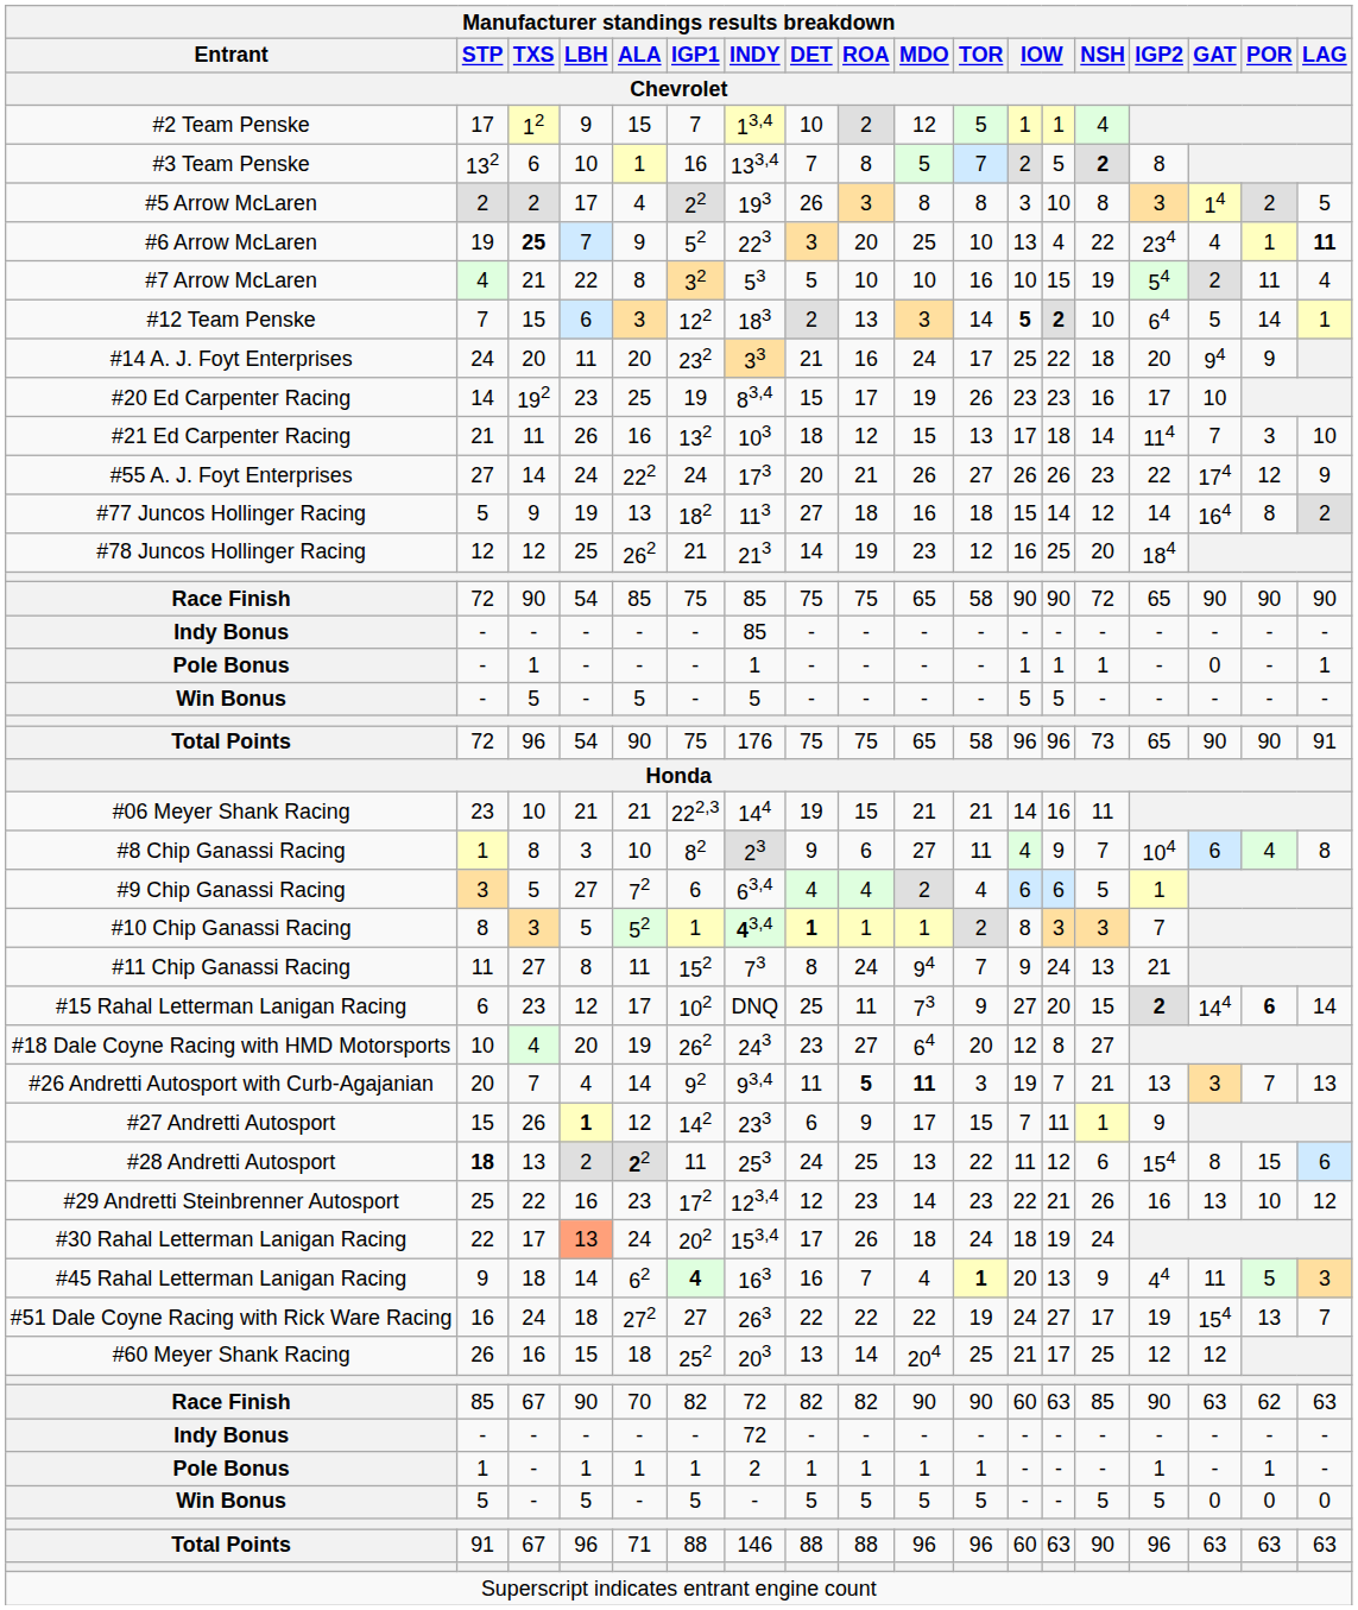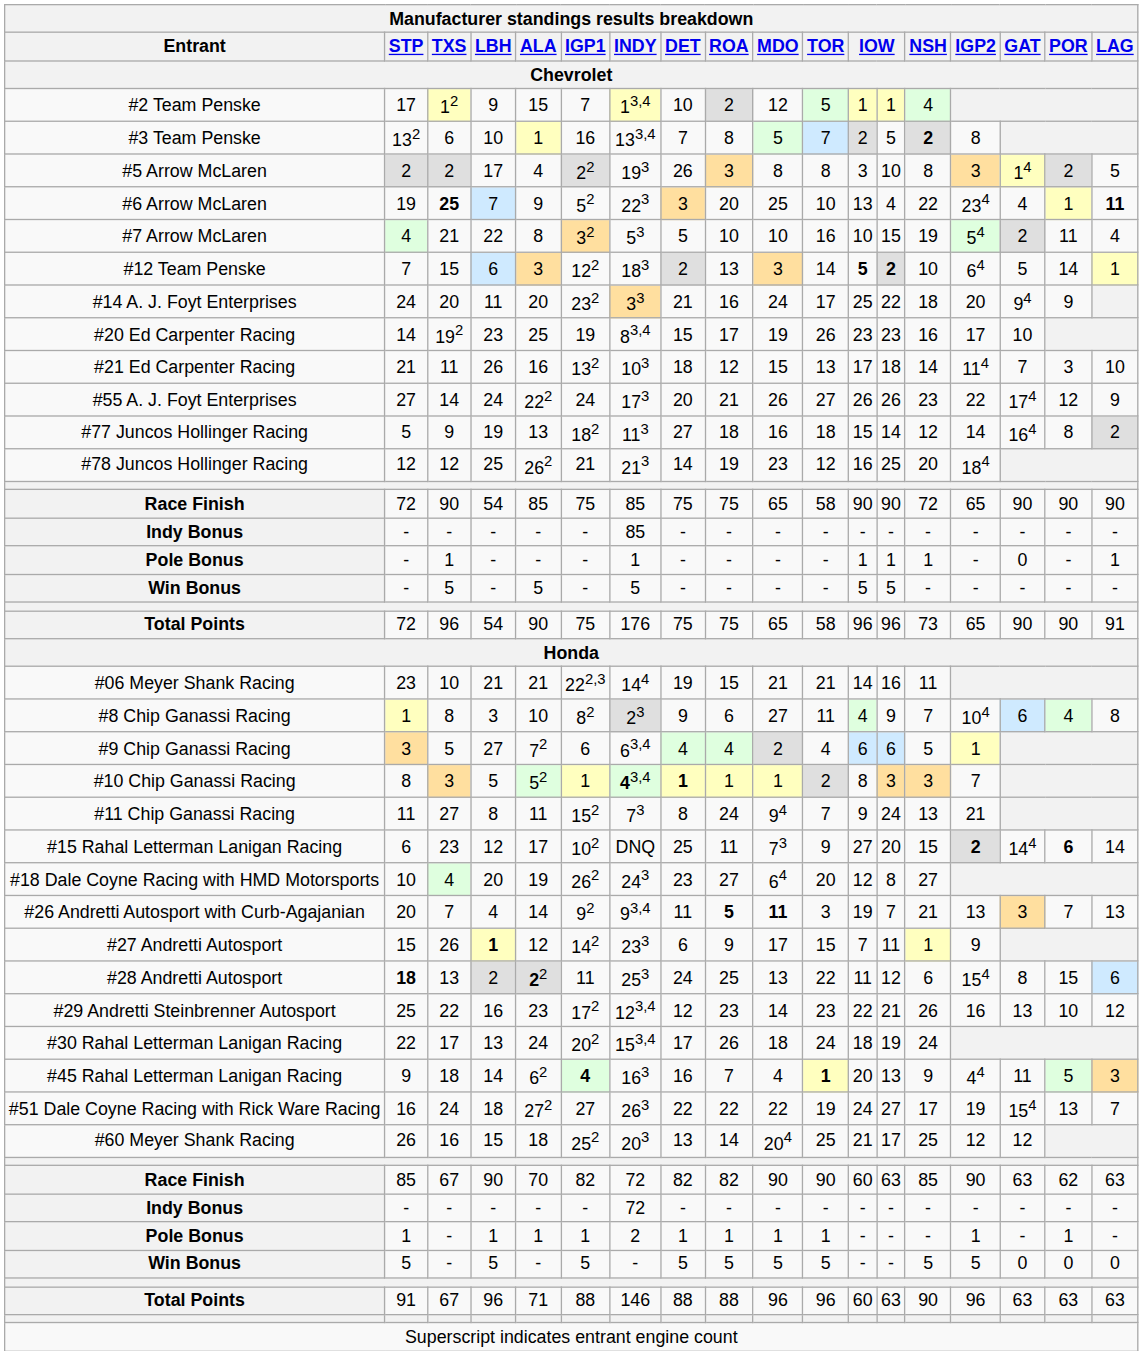 <table class="wikitable mw-collapsible mw-collapsed" style="font-size: 85%; text-align:center">
 <tr>
 <th colspan="18" class="nowrap">Manufacturer standings results breakdown</th>
 </tr>
 <tr>
 <th>Entrant</th>
 <th><a href='#'>STP</a></th>
 <th><a href='#'>TXS</a></th>
 <th><a href='#'>LBH</a></th>
 <th><a href='#'>ALA</a></th>
 <th><a href='#'>IGP1</a></th>
 <th><a href='#'>INDY</a></th>
 <th><a href='#'>DET</a></th>
 <th><a href='#'>ROA</a></th>
 <th><a href='#'>MDO</a></th>
 <th><a href='#'>TOR</a></th>
 <th colspan="2"><a href='#'>IOW</a></th>
 <th><a href='#'>NSH</a></th>
 <th><a href='#'>IGP2</a></th>
 <th><a href='#'>GAT</a></th>
 <th><a href='#'>POR</a></th>
 <th><a href='#'>LAG</a></th>
 </tr>
 <tr>
 <th colspan="18">Chevrolet</th>
 </tr>
 <tr>
 <td>#2 Team Penske</td>
 <td>17</td>
 <td style="background:#FFFFBF;">1<sup>2</sup></td>
 <td>9</td>
 <td>15</td>
 <td>7</td>
 <td style="background:#FFFFBF;">1<sup>3,4</sup></td>
 <td>10</td>
 <td style="background:#DFDFDF;">2</td>
 <td>12</td>
 <td style="background:#DFFFDF;">5</td>
 <td style="background:#FFFFBF;">1</td>
 <td style="background:#FFFFBF;">1</td>
 <td style="background:#DFFFDF;">4</td>
 <th colspan=4></th>
 </tr>
 <tr>
 <td>#3 Team Penske</td>
 <td>13<sup>2</sup></td>
 <td>6</td>
 <td>10</td>
 <td style="background:#FFFFBF;">1</td>
 <td>16</td>
 <td>13<sup>3,4</sup></td>
 <td>7</td>
 <td>8</td>
 <td style="background:#DFFFDF;">5</td>
 <td style="background:#CFEAFF;">7</td>
 <td style="background:#DFDFDF;">2</td>
 <td>5</td>
 <td style="background:#DFDFDF;"><strong>2</strong></td>
 <td>8</td>
 <th colspan=3></th>
 </tr>
 <tr>
 <td>#5 Arrow McLaren</td>
 <td style="background:#DFDFDF;">2</td>
 <td style="background:#DFDFDF;">2</td>
 <td>17</td>
 <td>4</td>
 <td style="background:#DFDFDF;">2<sup>2</sup></td>
 <td>19<sup>3</sup></td>
 <td>26</td>
 <td style="background:#FFDF9F;">3</td>
 <td>8</td>
 <td>8</td>
 <td>3</td>
 <td>10</td>
 <td>8</td>
 <td style="background:#FFDF9F;">3</td>
 <td style="background:#FFFFBF;">1<sup>4</sup></td>
 <td style="background:#DFDFDF;">2</td>
 <td>5</td>
 </tr>
 <tr>
 <td>#6 Arrow McLaren</td>
 <td>19</td>
 <td><strong>25</strong></td>
 <td style="background:#CFEAFF;">7</td>
 <td>9</td>
 <td>5<sup>2</sup></td>
 <td>22<sup>3</sup></td>
 <td style="background:#FFDF9F;">3</td>
 <td>20</td>
 <td>25</td>
 <td>10</td>
 <td>13</td>
 <td>4</td>
 <td>22</td>
 <td>23<sup>4</sup></td>
 <td>4</td>
 <td style="background:#FFFFBF;">1</td>
 <td><strong>11</strong></td>
 </tr>
 <tr>
 <td>#7 Arrow McLaren</td>
 <td style="background:#DFFFDF;">4</td>
 <td>21</td>
 <td>22</td>
 <td>8</td>
 <td style="background:#FFDF9F;">3<sup>2</sup></td>
 <td>5<sup>3</sup></td>
 <td>5</td>
 <td>10</td>
 <td>10</td>
 <td>16</td>
 <td>10</td>
 <td>15</td>
 <td>19</td>
 <td style="background:#DFFFDF;">5<sup>4</sup></td>
 <td style="background:#DFDFDF;">2</td>
 <td>11</td>
 <td>4</td>
 </tr>
 <tr>
 <td>#12 Team Penske</td>
 <td>7</td>
 <td>15</td>
 <td style="background:#CFEAFF;">6</td>
 <td style="background:#FFDF9F;">3</td>
 <td>12<sup>2</sup></td>
 <td>18<sup>3</sup></td>
 <td style="background:#DFDFDF;">2</td>
 <td>13</td>
 <td style="background:#FFDF9F;">3</td>
 <td>14</td>
 <td><strong>5</strong></td>
 <td style="background:#DFDFDF;"><strong>2</strong></td>
 <td>10</td>
 <td>6<sup>4</sup></td>
 <td>5</td>
 <td>14</td>
 <td style="background:#FFFFBF;">1</td>
 </tr>
 <tr>
 <td>#14 A. J. Foyt Enterprises</td>
 <td>24</td>
 <td>20</td>
 <td>11</td>
 <td>20</td>
 <td>23<sup>2</sup></td>
 <td style="background:#FFDF9F;">3<sup>3</sup></td>
 <td>21</td>
 <td>16</td>
 <td>24</td>
 <td>17</td>
 <td>25</td>
 <td>22</td>
 <td>18</td>
 <td>20</td>
 <td>9<sup>4</sup></td>
 <td>9</td>
 <th></th>
 </tr>
 <tr>
 <td>#20 Ed Carpenter Racing</td>
 <td>14</td>
 <td>19<sup>2</sup></td>
 <td>23</td>
 <td>25</td>
 <td>19</td>
 <td>8<sup>3,4</sup></td>
 <td>15</td>
 <td>17</td>
 <td>19</td>
 <td>26</td>
 <td>23</td>
 <td>23</td>
 <td>16</td>
 <td>17</td>
 <td>10</td>
 <th colspan=2></th>
 </tr>
 <tr>
 <td>#21 Ed Carpenter Racing</td>
 <td>21</td>
 <td>11</td>
 <td>26</td>
 <td>16</td>
 <td>13<sup>2</sup></td>
 <td>10<sup>3</sup></td>
 <td>18</td>
 <td>12</td>
 <td>15</td>
 <td>13</td>
 <td>17</td>
 <td>18</td>
 <td>14</td>
 <td>11<sup>4</sup></td>
 <td>7</td>
 <td>3</td>
 <td>10</td>
 </tr>
 <tr>
 <td>#55 A. J. Foyt Enterprises</td>
 <td>27</td>
 <td>14</td>
 <td>24</td>
 <td>22<sup>2</sup></td>
 <td>24</td>
 <td>17<sup>3</sup></td>
 <td>20</td>
 <td>21</td>
 <td>26</td>
 <td>27</td>
 <td>26</td>
 <td>26</td>
 <td>23</td>
 <td>22</td>
 <td>17<sup>4</sup></td>
 <td>12</td>
 <td>9</td>
 </tr>
 <tr>
 <td>#77 Juncos Hollinger Racing</td>
 <td>5</td>
 <td>9</td>
 <td>19</td>
 <td>13</td>
 <td>18<sup>2</sup></td>
 <td>11<sup>3</sup></td>
 <td>27</td>
 <td>18</td>
 <td>16</td>
 <td>18</td>
 <td>15</td>
 <td>14</td>
 <td>12</td>
 <td>14</td>
 <td>16<sup>4</sup></td>
 <td>8</td>
 <td style="background:#DFDFDF;">2</td>
 </tr>
 <tr>
 <td>#78 Juncos Hollinger Racing</td>
 <td>12</td>
 <td>12</td>
 <td>25</td>
 <td>26<sup>2</sup></td>
 <td>21</td>
 <td>21<sup>3</sup></td>
 <td>14</td>
 <td>19</td>
 <td>23</td>
 <td>12</td>
 <td>16</td>
 <td>25</td>
 <td>20</td>
 <td>18<sup>4</sup></td>
 <th colspan=3></th>
 </tr>
 <tr>
 <th colspan=18></th>
 </tr>
 <tr>
 <th>Race Finish</th>
 <td>72</td>
 <td>90</td>
 <td>54</td>
 <td>85</td>
 <td>75</td>
 <td>85</td>
 <td>75</td>
 <td>75</td>
 <td>65</td>
 <td>58</td>
 <td>90</td>
 <td>90</td>
 <td>72</td>
 <td>65</td>
 <td>90</td>
 <td>90</td>
 <td>90</td>
 </tr>
 <tr>
 <th>Indy Bonus</th>
 <td>-</td>
 <td>-</td>
 <td>-</td>
 <td>-</td>
 <td>-</td>
 <td>85</td>
 <td>-</td>
 <td>-</td>
 <td>-</td>
 <td>-</td>
 <td>-</td>
 <td>-</td>
 <td>-</td>
 <td>-</td>
 <td>-</td>
 <td>-</td>
 <td>-</td>
 </tr>
 <tr>
 <th>Pole Bonus</th>
 <td>-</td>
 <td>1</td>
 <td>-</td>
 <td>-</td>
 <td>-</td>
 <td>1</td>
 <td>-</td>
 <td>-</td>
 <td>-</td>
 <td>-</td>
 <td>1</td>
 <td>1</td>
 <td>1</td>
 <td>-</td>
 <td>0</td>
 <td>-</td>
 <td>1</td>
 </tr>
 <tr>
 <th>Win Bonus</th>
 <td>-</td>
 <td>5</td>
 <td>-</td>
 <td>5</td>
 <td>-</td>
 <td>5</td>
 <td>-</td>
 <td>-</td>
 <td>-</td>
 <td>-</td>
 <td>5</td>
 <td>5</td>
 <td>-</td>
 <td>-</td>
 <td>-</td>
 <td>-</td>
 <td>-</td>
 </tr>
 <tr>
 <th colspan=18></th>
 </tr>
 <tr>
 <th>Total Points</th>
 <td>72</td>
 <td>96</td>
 <td>54</td>
 <td>90</td>
 <td>75</td>
 <td>176</td>
 <td>75</td>
 <td>75</td>
 <td>65</td>
 <td>58</td>
 <td>96</td>
 <td>96</td>
 <td>73</td>
 <td>65</td>
 <td>90</td>
 <td>90</td>
 <td>91</td>
 </tr>
 <tr>
 <th colspan="18">Honda</th>
 </tr>
 <tr>
 <td>#06 Meyer Shank Racing</td>
 <td>23</td>
 <td>10</td>
 <td>21</td>
 <td>21</td>
 <td>22<sup>2,3</sup></td>
 <td>14<sup>4</sup></td>
 <td>19</td>
 <td>15</td>
 <td>21</td>
 <td>21</td>
 <td>14</td>
 <td>16</td>
 <td>11</td>
 <th colspan=4></th>
 </tr>
 <tr>
 <td>#8 Chip Ganassi Racing</td>
 <td style="background:#FFFFBF;">1</td>
 <td>8</td>
 <td>3</td>
 <td>10</td>
 <td>8<sup>2</sup></td>
 <td style="background:#DFDFDF;">2<sup>3</sup></td>
 <td>9</td>
 <td>6</td>
 <td>27</td>
 <td>11</td>
 <td style="background:#DFFFDF;">4</td>
 <td>9</td>
 <td>7</td>
 <td>10<sup>4</sup></td>
 <td style="background:#CFEAFF;">6</td>
 <td style="background:#DFFFDF;">4</td>
 <td>8</td>
 </tr>
 <tr>
 <td>#9 Chip Ganassi Racing</td>
 <td style="background:#FFDF9F;">3</td>
 <td>5</td>
 <td>27</td>
 <td>7<sup>2</sup></td>
 <td>6</td>
 <td>6<sup>3,4</sup></td>
 <td style="background:#DFFFDF;">4</td>
 <td style="background:#DFFFDF;">4</td>
 <td style="background:#DFDFDF;">2</td>
 <td>4</td>
 <td style="background:#CFEAFF;">6</td>
 <td style="background:#CFEAFF;">6</td>
 <td>5</td>
 <td style="background:#FFFFBF;">1</td>
 <th colspan=3></th>
 </tr>
 <tr>
 <td>#10 Chip Ganassi Racing</td>
 <td>8</td>
 <td style="background:#FFDF9F;">3</td>
 <td>5</td>
 <td style="background:#DFFFDF;">5<sup>2</sup></td>
 <td style="background:#FFFFBF;">1</td>
 <td style="background:#DFFFDF;"><strong>4</strong><sup>3,4</sup></td>
 <td style="background:#FFFFBF;"><strong>1</strong></td>
 <td style="background:#FFFFBF;">1</td>
 <td style="background:#FFFFBF;">1</td>
 <td style="background:#DFDFDF;">2</td>
 <td>8</td>
 <td style="background:#FFDF9F;">3</td>
 <td style="background:#FFDF9F;">3</td>
 <td>7</td>
 <th colspan=3></th>
 </tr>
 <tr>
 <td>#11 Chip Ganassi Racing</td>
 <td>11</td>
 <td>27</td>
 <td>8</td>
 <td>11</td>
 <td>15<sup>2</sup></td>
 <td>7<sup>3</sup></td>
 <td>8</td>
 <td>24</td>
 <td>9<sup>4</sup></td>
 <td>7</td>
 <td>9</td>
 <td>24</td>
 <td>13</td>
 <td>21</td>
 <th colspan=3></th>
 </tr>
 <tr>
 <td>#15 Rahal Letterman Lanigan Racing</td>
 <td>6</td>
 <td>23</td>
 <td>12</td>
 <td>17</td>
 <td>10<sup>2</sup></td>
 <td>DNQ</td>
 <td>25</td>
 <td>11</td>
 <td>7<sup>3</sup></td>
 <td>9</td>
 <td>27</td>
 <td>20</td>
 <td>15</td>
 <td style="background:#DFDFDF;"><strong>2</strong></td>
 <td>14<sup>4</sup></td>
 <td><strong>6</strong></td>
 <td>14</td>
 </tr>
 <tr>
 <td>#18 Dale Coyne Racing with HMD Motorsports</td>
 <td>10</td>
 <td style="background:#DFFFDF;">4</td>
 <td>20</td>
 <td>19</td>
 <td>26<sup>2</sup></td>
 <td>24<sup>3</sup></td>
 <td>23</td>
 <td>27</td>
 <td>6<sup>4</sup></td>
 <td>20</td>
 <td>12</td>
 <td>8</td>
 <td>27</td>
 <th colspan=4></th>
 </tr>
 <tr>
 <td>#26 Andretti Autosport with Curb-Agajanian</td>
 <td>20</td>
 <td>7</td>
 <td>4</td>
 <td>14</td>
 <td>9<sup>2</sup></td>
 <td>9<sup>3,4</sup></td>
 <td>11</td>
 <td><strong>5</strong></td>
 <td><strong>11</strong></td>
 <td>3</td>
 <td>19</td>
 <td>7</td>
 <td>21</td>
 <td>13</td>
 <td style="background:#FFDF9F;">3</td>
 <td>7</td>
 <td>13</td>
 </tr>
 <tr>
 <td>#27 Andretti Autosport</td>
 <td>15</td>
 <td>26</td>
 <td style="background:#FFFFBF;"><strong>1</strong></td>
 <td>12</td>
 <td>14<sup>2</sup></td>
 <td>23<sup>3</sup></td>
 <td>6</td>
 <td>9</td>
 <td>17</td>
 <td>15</td>
 <td>7</td>
 <td>11</td>
 <td style="background:#FFFFBF;">1</td>
 <td>9</td>
 <th colspan=3></th>
 </tr>
 <tr>
 <td>#28 Andretti Autosport</td>
 <td><strong>18</strong></td>
 <td>13</td>
 <td style="background:#DFDFDF;">2</td>
 <td style="background:#DFDFDF;"><strong>2</strong><sup>2</sup></td>
 <td>11</td>
 <td>25<sup>3</sup></td>
 <td>24</td>
 <td>25</td>
 <td>13</td>
 <td>22</td>
 <td>11</td>
 <td>12</td>
 <td>6</td>
 <td>15<sup>4</sup></td>
 <td>8</td>
 <td>15</td>
 <td style="background:#CFEAFF;">6</td>
 </tr>
 <tr>
 <td>#29 Andretti Steinbrenner Autosport</td>
 <td>25</td>
 <td>22</td>
 <td>16</td>
 <td>23</td>
 <td>17<sup>2</sup></td>
 <td>12<sup>3,4</sup></td>
 <td>12</td>
 <td>23</td>
 <td>14</td>
 <td>23</td>
 <td>22</td>
 <td>21</td>
 <td>26</td>
 <td>16</td>
 <td>13</td>
 <td>10</td>
 <td>12</td>
 </tr>
 <tr>
 <td>#30 Rahal Letterman Lanigan Racing</td>
 <td>22</td>
 <td>17</td>
-<td style="background: lightsalmon;">13</td>
+<td>13</td>
 <td>24</td>
 <td>20<sup>2</sup></td>
 <td>15<sup>3,4</sup></td>
 <td>17</td>
 <td>26</td>
 <td>18</td>
 <td>24</td>
 <td>18</td>
 <td>19</td>
 <td>24</td>
 <th colspan=4></th>
 </tr>
 <tr>
 <td>#45 Rahal Letterman Lanigan Racing</td>
 <td>9</td>
 <td>18</td>
 <td>14</td>
 <td>6<sup>2</sup></td>
 <td style="background:#DFFFDF;"><strong>4</strong></td>
 <td>16<sup>3</sup></td>
 <td>16</td>
 <td>7</td>
 <td>4</td>
 <td style="background:#FFFFBF;"><strong>1</strong></td>
 <td>20</td>
 <td>13</td>
 <td>9</td>
 <td>4<sup>4</sup></td>
 <td>11</td>
 <td style="background:#DFFFDF;">5</td>
 <td style="background:#FFDF9F;">3</td>
 </tr>
 <tr>
 <td>#51 Dale Coyne Racing with Rick Ware Racing</td>
 <td>16</td>
 <td>24</td>
 <td>18</td>
 <td>27<sup>2</sup></td>
 <td>27</td>
 <td>26<sup>3</sup></td>
 <td>22</td>
 <td>22</td>
 <td>22</td>
 <td>19</td>
 <td>24</td>
 <td>27</td>
 <td>17</td>
 <td>19</td>
 <td>15<sup>4</sup></td>
 <td>13</td>
 <td>7</td>
 </tr>
 <tr>
 <td>#60 Meyer Shank Racing</td>
 <td>26</td>
 <td>16</td>
 <td>15</td>
 <td>18</td>
 <td>25<sup>2</sup></td>
 <td>20<sup>3</sup></td>
 <td>13</td>
 <td>14</td>
 <td>20<sup>4</sup></td>
 <td>25</td>
 <td>21</td>
 <td>17</td>
 <td>25</td>
 <td>12</td>
 <td>12</td>
 <th colspan=2></th>
 </tr>
 <tr>
 <th colspan=18></th>
 </tr>
 <tr>
 <th>Race Finish</th>
 <td>85</td>
 <td>67</td>
 <td>90</td>
 <td>70</td>
 <td>82</td>
 <td>72</td>
 <td>82</td>
 <td>82</td>
 <td>90</td>
 <td>90</td>
 <td>60</td>
 <td>63</td>
 <td>85</td>
 <td>90</td>
 <td>63</td>
 <td>62</td>
 <td>63</td>
 </tr>
 <tr>
 <th>Indy Bonus</th>
 <td>-</td>
 <td>-</td>
 <td>-</td>
 <td>-</td>
 <td>-</td>
 <td>72</td>
 <td>-</td>
 <td>-</td>
 <td>-</td>
 <td>-</td>
 <td>-</td>
 <td>-</td>
 <td>-</td>
 <td>-</td>
 <td>-</td>
 <td>-</td>
 <td>-</td>
 </tr>
 <tr>
 <th>Pole Bonus</th>
 <td>1</td>
 <td>-</td>
 <td>1</td>
 <td>1</td>
 <td>1</td>
 <td>2</td>
 <td>1</td>
 <td>1</td>
 <td>1</td>
 <td>1</td>
 <td>-</td>
 <td>-</td>
 <td>-</td>
 <td>1</td>
 <td>-</td>
 <td>1</td>
 <td>-</td>
 </tr>
 <tr>
 <th>Win Bonus</th>
 <td>5</td>
 <td>-</td>
 <td>5</td>
 <td>-</td>
 <td>5</td>
 <td>-</td>
 <td>5</td>
 <td>5</td>
 <td>5</td>
 <td>5</td>
 <td>-</td>
 <td>-</td>
 <td>5</td>
 <td>5</td>
 <td>0</td>
 <td>0</td>
 <td>0</td>
 </tr>
 <tr>
 <th colspan=18></th>
 </tr>
 <tr>
 <th>Total Points</th>
 <td>91</td>
 <td>67</td>
 <td>96</td>
 <td>71</td>
 <td>88</td>
 <td>146</td>
 <td>88</td>
 <td>88</td>
 <td>96</td>
 <td>96</td>
 <td>60</td>
 <td>63</td>
 <td>90</td>
 <td>96</td>
 <td>63</td>
 <td>63</td>
 <td>63</td>
 </tr>
 <tr>
 <th></th>
 <th></th>
 <th></th>
 <th></th>
 <th></th>
 <th></th>
 <th></th>
 <th></th>
 <th></th>
 <th></th>
 <th></th>
 <th></th>
 <th></th>
 <th></th>
 <th></th>
 <th></th>
 <th></th>
 <th></th>
 </tr>
 <tr>
 <td colspan=99>Superscript indicates entrant engine count</td>
 </tr>
 </table>
